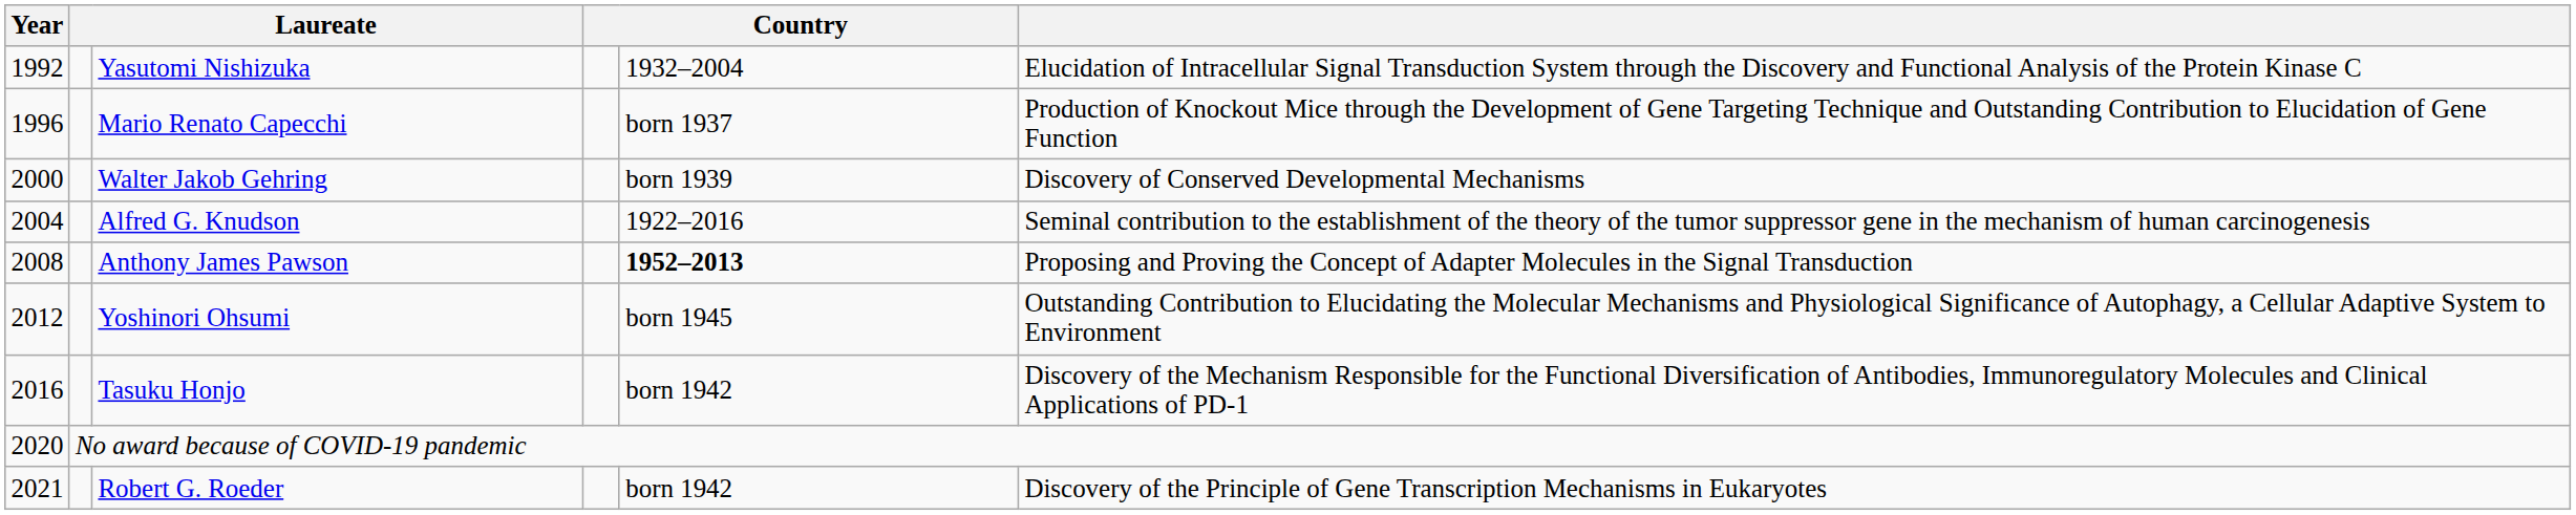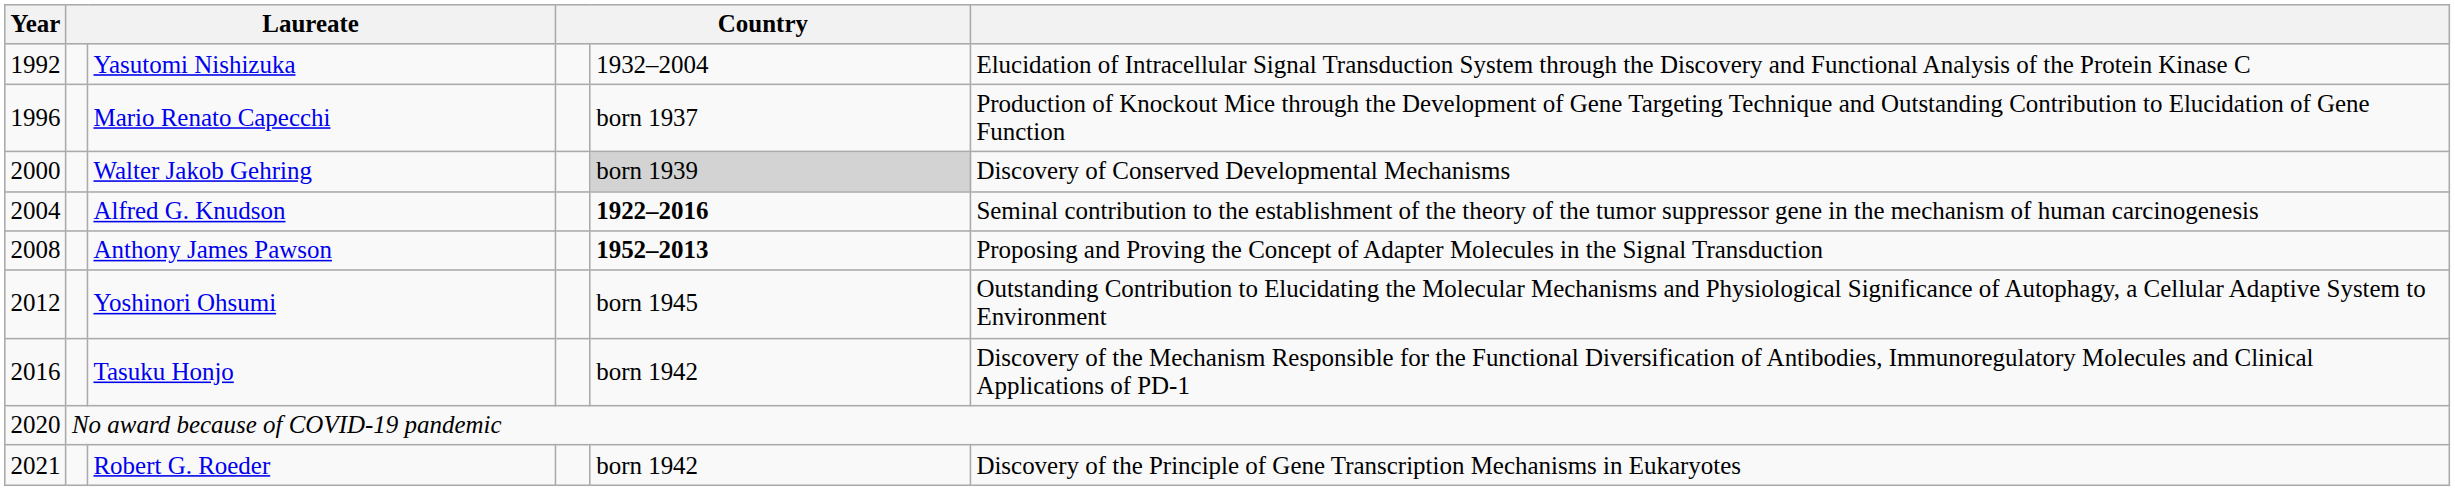 <table class="wikitable sortable">
 <tr>
 <th>Year</th>
 <th style="width:20%;" colspan=2>Laureate</th>
 <th style="width:17%;" colspan=2>Country</th>
 <th></th>
 </tr>
 <tr>
 <td>1992</td>
 <td></td>
 <td><a href='#'>Yasutomi Nishizuka</a></td>
 <td></td>
 <td>1932–2004</td>
 <td>Elucidation of Intracellular Signal Transduction System through the Discovery and Functional Analysis of the Protein Kinase C</td>
 </tr>
 <tr>
 <td>1996</td>
 <td></td>
 <td><a href='#'>Mario Renato Capecchi</a></td>
 <td></td>
 <td>born 1937</td>
 <td>Production of Knockout Mice through the Development of Gene Targeting Technique and Outstanding Contribution to Elucidation of Gene Function</td>
 </tr>
 <tr>
 <td>2000</td>
 <td></td>
 <td><a href='#'>Walter Jakob Gehring</a></td>
 <td></td>
-<td>born 1939</td>
+<td style="background: lightgrey;">born 1939</td>
 <td>Discovery of Conserved Developmental Mechanisms</td>
 </tr>
 <tr>
 <td>2004</td>
 <td></td>
 <td><a href='#'>Alfred G. Knudson</a></td>
 <td></td>
-<td>1922–2016</td>
+<td><strong>1922–2016</strong></td>
 <td>Seminal contribution to the establishment of the theory of the tumor suppressor gene in the mechanism of human carcinogenesis</td>
 </tr>
 <tr>
 <td>2008</td>
 <td></td>
 <td><a href='#'>Anthony James Pawson</a></td>
 <td></td>
 <td><strong>1952–2013</strong></td>
 <td>Proposing and Proving the Concept of Adapter Molecules in the Signal Transduction</td>
 </tr>
 <tr>
 <td>2012</td>
 <td></td>
 <td><a href='#'>Yoshinori Ohsumi</a></td>
 <td></td>
 <td>born 1945</td>
 <td>Outstanding Contribution to Elucidating the Molecular Mechanisms and Physiological Significance of Autophagy, a Cellular Adaptive System to Environment</td>
 </tr>
 <tr>
 <td>2016</td>
 <td></td>
 <td><a href='#'>Tasuku Honjo</a></td>
 <td></td>
 <td>born 1942</td>
 <td>Discovery of the Mechanism Responsible for the Functional Diversification of Antibodies, Immunoregulatory Molecules and Clinical Applications of PD-1</td>
 </tr>
 <tr>
 <td>2020</td>
 <td colspan="5"><em>No award because of COVID-19 pandemic</em></td>
 </tr>
 <tr>
 <td>2021</td>
 <td></td>
 <td><a href='#'>Robert G. Roeder</a></td>
 <td></td>
 <td>born 1942</td>
 <td>Discovery of the Principle of Gene Transcription Mechanisms in Eukaryotes</td>
 </tr>
 </table>
